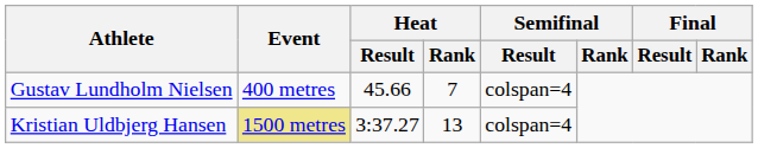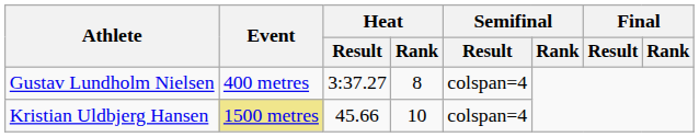 <table class="wikitable" style="font-size:90%">
 <tr>
 <th rowspan="2">Athlete</th>
 <th rowspan="2">Event</th>
 <th colspan="2">Heat</th>
 <th colspan="2">Semifinal</th>
 <th colspan="2">Final</th>
 </tr>
 <tr style="font-size:95%">
 <th>Result</th>
 <th>Rank</th>
 <th>Result</th>
 <th>Rank</th>
 <th>Result</th>
 <th>Rank</th>
 </tr>
 <tr align=center>
 <td align=left><a href='#'>Gustav Lundholm Nielsen</a></td>
 <td align=left><a href='#'>400 metres</a></td>
-<td>45.66 </td>
-<td>7</td>
+<td>3:37.27 </td>
+<td>8</td>
 <td>colspan=4 </td>
 </tr>
 <tr align=center>
 <td align=left><a href='#'>Kristian Uldbjerg Hansen</a></td>
 <td align=left style="background: khaki;"><a href='#'>1500 metres</a></td>
-<td>3:37.27 </td>
-<td>13</td>
+<td>45.66 </td>
+<td>10</td>
 <td>colspan=4 </td>
 </tr>
 </table>
